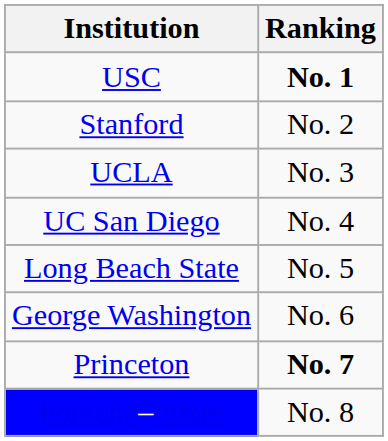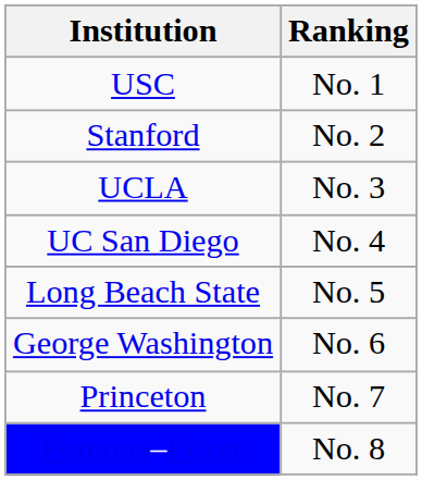 <table class="wikitable" style="text-align:center">
 <tr>
 <th>Institution</th>
 <th>Ranking</th>
 </tr>
 <tr>
 <td align=center style=><a href='#'><span>USC</span></a></td>
-<td><strong>No. 1</strong></td>
+<td>No. 1</td>
 </tr>
 <tr>
 <td align=center style=><a href='#'><span>Stanford</span></a></td>
 <td>No. 2</td>
 </tr>
 <tr>
 <td align=center style=><a href='#'><span>UCLA</span></a></td>
 <td>No. 3</td>
 </tr>
 <tr>
 <td align=center style=><a href='#'><span>UC San Diego</span></a></td>
 <td>No. 4</td>
 </tr>
 <tr>
 <td align=center style=><a href='#'><span>Long Beach State</span></a></td>
 <td>No. 5</td>
 </tr>
 <tr>
 <td align=center style=><a href='#'><span>George Washington</span></a></td>
 <td>No. 6</td>
 </tr>
 <tr>
 <td align=center style=><a href='#'><span>Princeton</span></a></td>
-<td><strong>No. 7</strong></td>
+<td>No. 7</td>
 </tr>
 <tr>
 <td align=center style="background-color:#0000FF;color:#FFFFFF;"><a href='#'><span>Pomona</span></a>–<a href='#'><span>Pitzer</span></a></td>
 <td>No. 8</td>
 </tr>
 </table>
